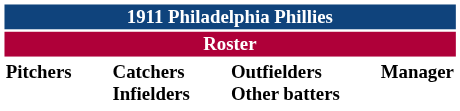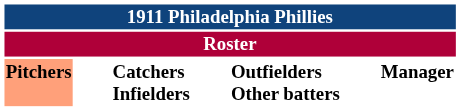 <table class="toccolours" style="font-size: 95%;">
 <tr>
 <th colspan="10" style="background-color: #0f437c; color: white; text-align: center;">1911 Philadelphia Phillies</th>
 </tr>
 <tr>
 <td colspan="10" style="background-color: #af0039; color: white; text-align: center;"><strong>Roster</strong></td>
 </tr>
 <tr>
-<td valign="top"><strong>Pitchers</strong><br>               </td>
+<td valign="top" style="background: lightsalmon;"><strong>Pitchers</strong><br>               </td>
 <td width="25px"></td>
 <td valign="top"><strong>Catchers</strong><br>        <strong>Infielders</strong>     </td>
 <td width="25px"></td>
 <td valign="top"><strong>Outfielders</strong><br>         <strong>Other batters</strong> </td>
 <td width="25px"></td>
 <td valign="top"><strong>Manager</strong><br></td>
 </tr>
 </table>
